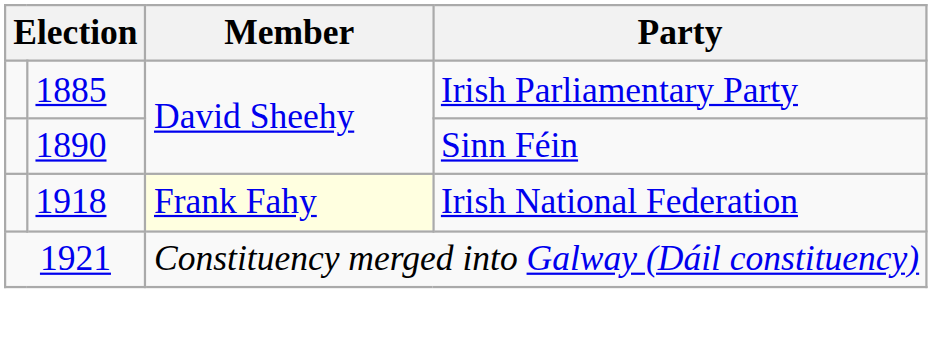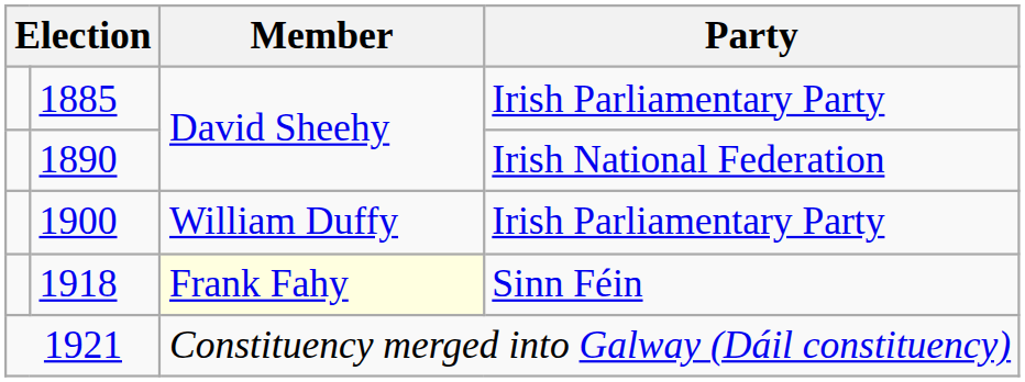 <table class="wikitable">
 <tr>
 <th colspan="2">Election</th>
 <th>Member</th>
 <th>Party</th>
 </tr>
 <tr>
 <td style="color:inherit;background-color: "></td>
 <td><a href='#'>1885</a></td>
 <td rowspan=2><a href='#'>David Sheehy</a></td>
 <td><a href='#'>Irish Parliamentary Party</a></td>
 </tr>
 <tr>
 <td style="color:inherit;background-color: "></td>
 <td><a href='#'>1890</a></td>
-<td><a href='#'>Sinn Féin</a></td>
+<td><a href='#'>Irish National Federation</a></td>
+</tr>
+<tr>
+<td style="color:inherit;background-color: "></td>
+<td><a href='#'>1900</a></td>
+<td><a href='#'>William Duffy</a></td>
+<td><a href='#'>Irish Parliamentary Party</a></td>
 </tr>
 <tr>
 <td style="color:inherit;background-color: "></td>
 <td><a href='#'>1918</a></td>
 <td style="background: lightyellow;"><a href='#'>Frank Fahy</a></td>
-<td><a href='#'>Irish National Federation</a></td>
+<td><a href='#'>Sinn Féin</a></td>
 </tr>
 <tr>
 <td colspan="2" align="center"><a href='#'>1921</a></td>
 <td colspan="2"><em>Constituency merged into <a href='#'>Galway (Dáil constituency)</a></em></td>
 </tr>
 </table>
